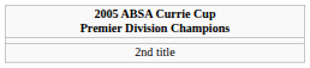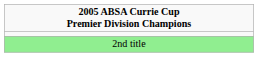 <table class="wikitable" style="text-align: center; margin: 0 auto; width: 20%">
 <tr>
 <td><strong>2005 ABSA Currie Cup <br>Premier Division Champions<br></strong></td>
 </tr>
 <tr>
 <td><strong></strong></td>
 </tr>
 <tr>
-<td>2nd title</td>
+<td style="background: lightgreen;">2nd title</td>
 </tr>
 </table>
